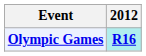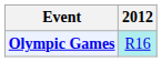 <table class="wikitable" style="font-size: 90%; text-align:center">
 <tr>
 <th>Event</th>
 <th>2012</th>
 </tr>
 <tr>
 <td bgcolor="#ECF2FF"; align="left"><strong><a href='#'>Olympic Games</a></strong></td>
-<td bgcolor=AFEEEE><strong><a href='#'>R16</a></strong></td>
+<td bgcolor=AFEEEE><a href='#'>R16</a></td>
 </tr>
 </table>
